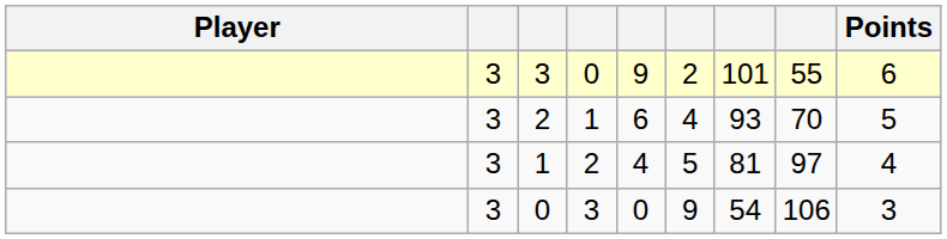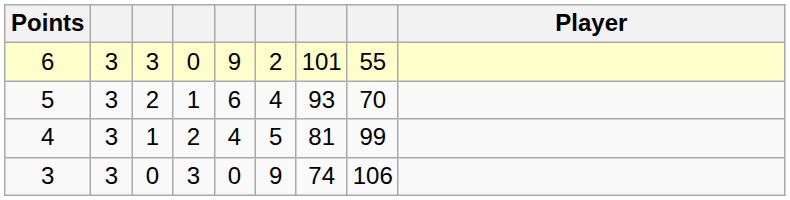 <table class="wikitable" style="text-align:center;">
 <tr>
-<th width="250">Player</th>
+<th width="50">Points</th>
 <th width="20"></th>
 <th width="20"></th>
 <th width="20"></th>
 <th width="20"></th>
 <th width="20"></th>
 <th width="20"></th>
 <th width="20"></th>
-<th width="50">Points</th>
+<th width="250">Player</th>
 </tr>
 <tr style="background-color:#ffffcc;">
-<td style="text-align:left;"></td>
+<td>6</td>
 <td>3</td>
 <td>3</td>
 <td>0</td>
 <td>9</td>
 <td>2</td>
 <td>101</td>
 <td>55</td>
-<td>6</td>
+<td style="text-align:left;"></td>
 </tr>
 <tr>
-<td style="text-align:left;"></td>
+<td>5</td>
 <td>3</td>
 <td>2</td>
 <td>1</td>
 <td>6</td>
 <td>4</td>
 <td>93</td>
 <td>70</td>
-<td>5</td>
+<td style="text-align:left;"></td>
 </tr>
 <tr>
-<td style="text-align:left;"></td>
+<td>4</td>
 <td>3</td>
 <td>1</td>
 <td>2</td>
 <td>4</td>
 <td>5</td>
 <td>81</td>
-<td>97</td>
-<td>4</td>
+<td>99</td>
+<td style="text-align:left;"></td>
 </tr>
 <tr>
-<td style="text-align:left;"></td>
+<td>3</td>
 <td>3</td>
 <td>0</td>
 <td>3</td>
 <td>0</td>
 <td>9</td>
-<td>54</td>
+<td>74</td>
 <td>106</td>
-<td>3</td>
+<td style="text-align:left;"></td>
 </tr>
 </table>
